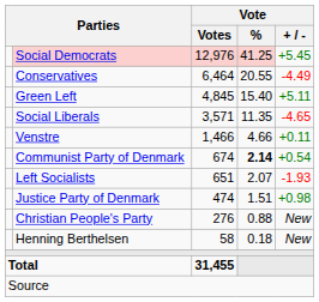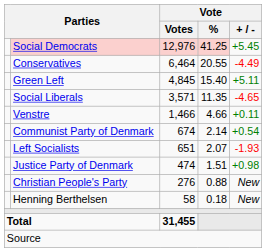 <table class="wikitable" style="text-align:right;">
 <tr>
 <th style="text-align:centre;" rowspan="2" colspan="2" width="225">Parties</th>
 <th colspan="3">Vote</th>
 </tr>
 <tr>
 <th width="15">Votes</th>
 <th width="15">%</th>
 <th width="15">+ / -</th>
 </tr>
 <tr>
 <td width="2" style="color:inherit;background:"></td>
 <td bgcolor=#fbd0ce  align="left"><a href='#'>Social Democrats</a></td>
 <td bgcolor=#fbd0ce>12,976</td>
 <td bgcolor=#fbd0ce>41.25</td>
 <td style=color:green;>+5.45</td>
 </tr>
 <tr>
 <td width="2" style="color:inherit;background:"></td>
 <td align="left"><a href='#'>Conservatives</a></td>
 <td>6,464</td>
 <td>20.55</td>
 <td style=color:red;>-4.49</td>
 </tr>
 <tr>
 <td width="2" style="color:inherit;background:"></td>
 <td align="left"><a href='#'>Green Left</a></td>
 <td>4,845</td>
 <td>15.40</td>
 <td style=color:green;>+5.11</td>
 </tr>
 <tr>
 <td width="2" style="color:inherit;background:"></td>
 <td align="left"><a href='#'>Social Liberals</a></td>
 <td>3,571</td>
 <td>11.35</td>
 <td style=color:red;>-4.65</td>
 </tr>
 <tr>
 <td width="2" style="color:inherit;background:"></td>
 <td align="left"><a href='#'>Venstre</a></td>
 <td>1,466</td>
 <td>4.66</td>
 <td style=color:green;>+0.11</td>
 </tr>
 <tr>
 <td width="2" style="color:inherit;background:"></td>
 <td align="left"><a href='#'>Communist Party of Denmark</a></td>
 <td>674</td>
-<td><strong>2.14</strong></td>
+<td>2.14</td>
 <td style=color:green;>+0.54</td>
 </tr>
 <tr>
 <td width="2" style="color:inherit;background:"></td>
 <td align="left"><a href='#'>Left Socialists</a></td>
 <td>651</td>
 <td>2.07</td>
 <td style=color:red;>-1.93</td>
 </tr>
 <tr>
 <td width="2" style="color:inherit;background:"></td>
 <td align="left"><a href='#'>Justice Party of Denmark</a></td>
 <td>474</td>
 <td>1.51</td>
 <td style=color:green;>+0.98</td>
 </tr>
 <tr>
 <td width="2" style="color:inherit;background:"></td>
 <td align="left"><a href='#'>Christian People's Party</a></td>
 <td>276</td>
 <td>0.88</td>
 <td><em>New</em></td>
 </tr>
 <tr>
 <td width="2" style="color:inherit;background:"></td>
 <td align="left">Henning Berthelsen</td>
 <td>58</td>
 <td>0.18</td>
 <td><em>New</em></td>
 </tr>
 <tr>
 <td colspan="7" bgcolor="#E9E9E9"></td>
 </tr>
 <tr>
 <td align="left" colspan="2"><strong>Total</strong></td>
 <td><strong>31,455</strong></td>
 <td bgcolor="#E9E9E9" colspan="2"></td>
 </tr>
 <tr>
 <td align="left" colspan="6">Source</td>
 </tr>
 </table>
